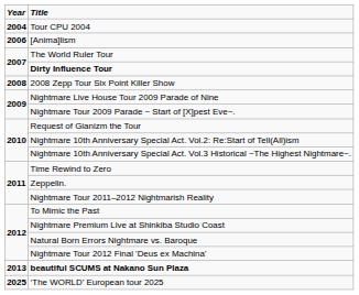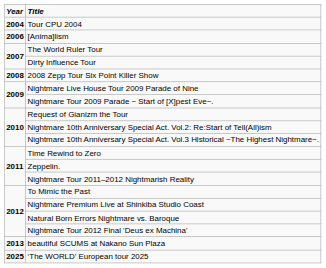 <table class="wikitable" style=font-size:small>
 <tr>
 <td><strong><em>Year</em></strong></td>
 <td><strong><em>Title</em></strong></td>
 </tr>
 <tr>
 <td><strong>2004</strong></td>
 <td>Tour CPU 2004</td>
 </tr>
 <tr>
 <td><strong>2006</strong></td>
 <td>[Anima]lism</td>
 </tr>
 <tr>
 <td rowspan="2"><strong>2007</strong></td>
 <td>The World Ruler Tour</td>
 </tr>
 <tr>
-<td><strong>Dirty Influence Tour</strong></td>
+<td>Dirty Influence Tour</td>
 </tr>
 <tr>
 <td><strong>2008</strong></td>
 <td>2008 Zepp Tour Six Point Killer Show</td>
 </tr>
 <tr>
 <td rowspan="2"><strong>2009</strong></td>
 <td>Nightmare Live House Tour 2009 Parade of Nine</td>
 </tr>
 <tr>
 <td>Nightmare Tour 2009 Parade ~ Start of [X]pest Eve~.</td>
 </tr>
 <tr>
 <td rowspan="3"><strong>2010</strong></td>
 <td>Request of Gianizm the Tour</td>
 </tr>
 <tr>
 <td>Nightmare 10th Anniversary Special Act. Vol.2: Re:Start of Tell(All)ism</td>
 </tr>
 <tr>
 <td>Nightmare 10th Anniversary Special Act. Vol.3 Historical ~The Highest Nightmare~.</td>
 </tr>
 <tr>
 <td rowspan="3"><strong>2011</strong></td>
 <td>Time Rewind to Zero</td>
 </tr>
 <tr>
 <td>Zeppelin.</td>
 </tr>
 <tr>
 <td>Nightmare Tour 2011–2012 Nightmarish Reality</td>
 </tr>
 <tr>
 <td rowspan="4"><strong>2012</strong></td>
 <td>To Mimic the Past</td>
 </tr>
 <tr>
 <td>Nightmare Premium Live at Shinkiba Studio Coast</td>
 </tr>
 <tr>
 <td>Natural Born Errors Nightmare vs. Baroque</td>
 </tr>
 <tr>
 <td>Nightmare Tour 2012 Final 'Deus ex Machina'</td>
 </tr>
 <tr>
 <td rowspan="1"><strong>2013</strong></td>
-<td><strong>beautiful SCUMS at Nakano Sun Plaza</strong></td>
+<td>beautiful SCUMS at Nakano Sun Plaza</td>
 </tr>
 <tr>
 <td><strong>2025</strong></td>
 <td>‘The WORLD’ European tour 2025</td>
 </tr>
 </table>
